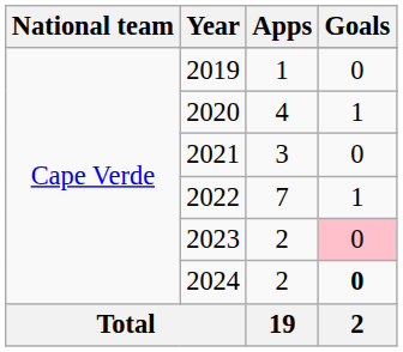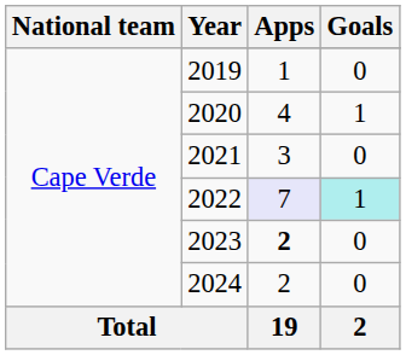 <table class="wikitable" style="text-align:center">
 <tr>
 <th>National team</th>
 <th>Year</th>
 <th>Apps</th>
 <th>Goals</th>
 </tr>
 <tr>
 <td rowspan=7><a href='#'>Cape Verde</a></td>
 </tr>
 <tr>
 <td>2019</td>
 <td>1</td>
 <td>0</td>
 </tr>
 <tr>
 <td>2020</td>
 <td>4</td>
 <td>1</td>
 </tr>
 <tr>
 <td>2021</td>
 <td>3</td>
 <td>0</td>
 </tr>
 <tr>
 <td>2022</td>
-<td>7</td>
-<td>1</td>
+<td style="background: lavender;">7</td>
+<td style="background: paleturquoise;">1</td>
 </tr>
 <tr>
 <td>2023</td>
-<td>2</td>
-<td style="background: pink;">0</td>
+<td><strong>2</strong></td>
+<td>0</td>
 </tr>
 <tr>
 <td>2024</td>
 <td>2</td>
-<td><strong>0</strong></td>
+<td>0</td>
 </tr>
 <tr>
 <th colspan="2">Total</th>
 <th>19</th>
 <th>2</th>
 </tr>
 </table>
